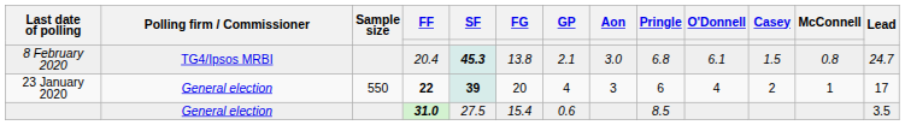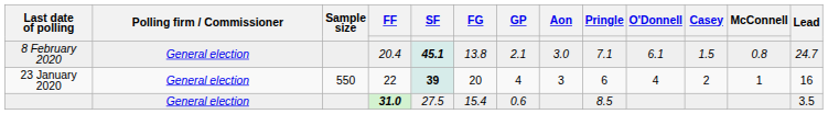 <table class="wikitable sortable collapsible" style="text-align:center;font-size:95%;line-height:14px;">
 <tr style="height:42px;">
 <th style="width:110px;" rowspan="2">Last date<br>of polling</th>
 <th style="width:300px;" rowspan="2">Polling firm / Commissioner</th>
 <th class="unsortable" style="width:50px;" rowspan="2">Sample<br>size</th>
 <th class="unsortable" style="width:50px;"><a href='#'>FF</a></th>
 <th class="unsortable" style="width:50px;"><a href='#'>SF</a></th>
 <th class="unsortable" style="width:50px;"><a href='#'>FG</a></th>
 <th class="unsortable" style="width:50px;"><a href='#'>GP</a></th>
 <th class="unsortable" style="width:50px;"><a href='#'>Aon</a></th>
 <th class="unsortable" style="width:50px;"><a href='#'>Pringle</a></th>
 <th class="unsortable" style="width:50px;"><a href='#'>O'Donnell</a></th>
 <th class="unsortable" style="width:50px;"><a href='#'>Casey</a></th>
 <th class="unsortable" style="width:50px;">McConnell</th>
 <th class="unsortable" style="width:20px;" rowspan="2">Lead</th>
 </tr>
 <tr>
 <th style="color:inherit;background:"></th>
 <th style="color:inherit;background:"></th>
 <th style="color:inherit;background:"></th>
 <th style="color:inherit;background:"></th>
 <th style="color:inherit;background:"></th>
 <th style="color:inherit;background:"></th>
 <th style="color:inherit;background:"></th>
 <th style="color:inherit;background:"></th>
 <th style="color:inherit;background:"></th>
 </tr>
 <tr style="background:#EFEFEF;">
 <td><em>8 February 2020</em></td>
-<td><a href='#'>TG4/Ipsos MRBI</a></td>
+<td><em><a href='#'>General election</a></em></td>
 <td></td>
 <td><em>20.4</em></td>
-<td style="background:#D7ECEA"><strong><em>45.3</em></strong></td>
+<td style="background:#D7ECEA"><strong><em>45.1</em></strong></td>
 <td><em>13.8</em></td>
 <td><em>2.1</em></td>
 <td><em>3.0</em></td>
-<td><em>6.8</em></td>
+<td><em>7.1</em></td>
 <td><em>6.1</em></td>
 <td><em>1.5</em></td>
 <td><em>0.8</em></td>
 <td style="background:"><em>24.7</em></td>
 </tr>
 <tr>
 <td>23 January 2020</td>
 <td><em><a href='#'>General election</a></em></td>
 <td>550</td>
-<td><strong>22</strong></td>
+<td>22</td>
 <td style="background:#D7ECEA"><strong>39</strong></td>
 <td>20</td>
 <td>4</td>
 <td>3</td>
 <td>6</td>
 <td>4</td>
 <td>2</td>
 <td>1</td>
-<td style="background:">17</td>
+<td style="background:">16</td>
 </tr>
 <tr style="background:#EFEFEF;" class="sortbottom">
 <td><em></em></td>
 <td><em><a href='#'>General election</a></em></td>
 <td></td>
 <td style="background:#D3F2D0"><strong><em>31.0</em></strong></td>
 <td><em>27.5</em></td>
 <td><em>15.4</em></td>
 <td><em>0.6</em></td>
 <td></td>
 <td><em>8.5</em></td>
 <td></td>
 <td></td>
 <td></td>
 <td style="background:">3.5</td>
 </tr>
 </table>
